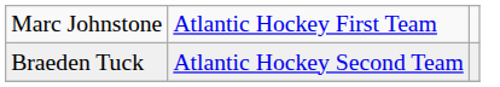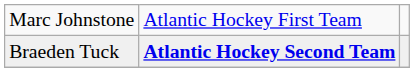 <table class="wikitable">
 <tr>
 <td>Marc Johnstone</td>
 <td><a href='#'>Atlantic Hockey First Team</a></td>
 <td></td>
 </tr>
 <tr bgcolor=f0f0f0>
 <td>Braeden Tuck</td>
-<td><a href='#'>Atlantic Hockey Second Team</a></td>
+<td><strong><a href='#'>Atlantic Hockey Second Team</a></strong></td>
 <td></td>
 </tr>
 <tr>
 </tr>
 </table>
